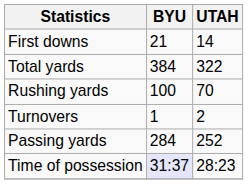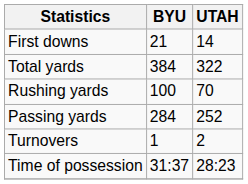 <table class="wikitable">
 <tr>
 <th>Statistics</th>
 <th>BYU</th>
 <th>UTAH</th>
 </tr>
 <tr>
 <td>First downs</td>
 <td>21</td>
 <td>14</td>
 </tr>
 <tr>
 <td>Total yards</td>
 <td>384</td>
 <td>322</td>
 </tr>
 <tr>
 <td>Rushing yards</td>
 <td>100</td>
 <td>70</td>
 </tr>
 <tr>
+<td>Passing yards</td>
+<td>284</td>
+<td>252</td>
+</tr>
+<tr>
 <td>Turnovers</td>
 <td>1</td>
 <td>2</td>
 </tr>
 <tr>
-<td>Passing yards</td>
-<td>284</td>
-<td>252</td>
-</tr>
-<tr>
 <td>Time of possession</td>
-<td style="background: lavender;">31:37</td>
+<td>31:37</td>
 <td>28:23</td>
 </tr>
 <tr>
 </tr>
 </table>
